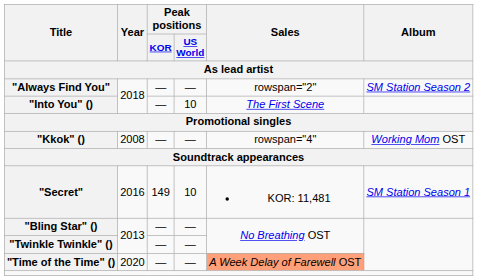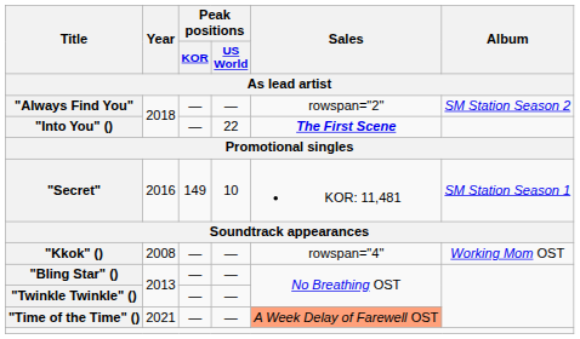 <table class="wikitable plainrowheaders" style="text-align:center">
 <tr>
 <th rowspan="2">Title</th>
 <th rowspan="2">Year</th>
 <th colspan="2">Peak<br>positions</th>
 <th rowspan="2">Sales</th>
 <th rowspan="2">Album</th>
 </tr>
 <tr>
 <th style="font-size:90%"><a href='#'>KOR</a><br></th>
 <th style="font-size:90%"><a href='#'>US<br>World</a><br></th>
 </tr>
 <tr>
 <th colspan="6">As lead artist</th>
 </tr>
 <tr>
 <th scope="row">"Always Find You"<br></th>
 <td rowspan="2">2018</td>
 <td>—</td>
 <td>—</td>
 <td>rowspan="2" </td>
 <td><em><a href='#'>SM Station Season 2</a></em></td>
 </tr>
 <tr>
 <th scope="row">"Into You" ()</th>
 <td>—</td>
-<td>10</td>
-<td><em><a href='#'>The First Scene</a></em></td>
+<td>22</td>
+<td><strong><em><a href='#'>The First Scene</a></em></strong></td>
 </tr>
 <tr>
 <th colspan="6">Promotional singles</th>
+</tr>
+<tr>
+<th scope="row">"Secret"<br></th>
+<td>2016</td>
+<td>149</td>
+<td>10</td>
+<td><br><ul><li>KOR: 11,481</li></ul></td>
+<td><em><a href='#'>SM Station Season 1</a></em></td>
+</tr>
+<tr>
+<th colspan="6">Soundtrack appearances</th>
 </tr>
 <tr>
 <th scope="row">"Kkok" ()<br></th>
 <td>2008</td>
 <td>—</td>
 <td>—</td>
 <td>rowspan="4" </td>
 <td><em><a href='#'>Working Mom</a></em> OST</td>
-</tr>
-<tr>
-<th colspan="6">Soundtrack appearances</th>
-</tr>
-<tr>
-<th scope="row">"Secret"<br></th>
-<td>2016</td>
-<td>149</td>
-<td>10</td>
-<td><br><ul><li>KOR: 11,481</li></ul></td>
-<td><em><a href='#'>SM Station Season 1</a></em></td>
 </tr>
 <tr>
 <th scope="row">"Bling Star" ()<br></th>
 <td rowspan="2">2013</td>
 <td>—</td>
 <td>—</td>
 <td rowspan="2"><em><a href='#'>No Breathing</a></em> OST</td>
 </tr>
 <tr>
 <th scope="row">"Twinkle Twinkle" ()<br></th>
 <td>—</td>
 <td>—</td>
 </tr>
 <tr>
 <th scope="row">"Time of the Time" ()</th>
-<td>2020</td>
+<td>2021</td>
 <td>—</td>
 <td>—</td>
 <td style="background: lightsalmon;"><em>A Week Delay of Farewell</em> OST</td>
 </tr>
 <tr>
 <td colspan="6"></td>
 </tr>
 </table>
